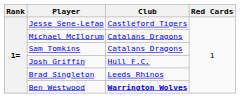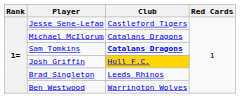 <table class="wikitable sortable" style="text-align:center">
 <tr>
 <th>Rank</th>
 <th>Player</th>
 <th>Club</th>
 <th> Red Cards</th>
 </tr>
 <tr>
 <th Rowspan=6>1=</th>
 <td align="left"> <a href='#'>Jesse Sene-Lefao</a></td>
 <td align="left"> <a href='#'>Castleford Tigers</a></td>
 <td Rowspan=6>1</td>
 </tr>
 <tr>
 <td align="left"> <a href='#'>Michael McIlorum</a></td>
 <td align="left"> <a href='#'>Catalans Dragons</a></td>
 </tr>
 <tr>
 <td align="left"> <a href='#'>Sam Tomkins</a></td>
-<td align="left"> <a href='#'>Catalans Dragons</a></td>
+<td align="left"><strong> <a href='#'>Catalans Dragons</a></strong></td>
 </tr>
 <tr>
 <td align="left"> <a href='#'>Josh Griffin</a></td>
-<td align="left"> <a href='#'>Hull F.C.</a></td>
+<td align="left" style="background: gold;"> <a href='#'>Hull F.C.</a></td>
 </tr>
 <tr>
 <td align="left"> <a href='#'>Brad Singleton</a></td>
 <td align="left"> <a href='#'>Leeds Rhinos</a></td>
 </tr>
 <tr>
 <td align="left"> <a href='#'>Ben Westwood</a></td>
-<td align="left"><strong> <a href='#'>Warrington Wolves</a></strong></td>
+<td align="left"> <a href='#'>Warrington Wolves</a></td>
 </tr>
 </table>
